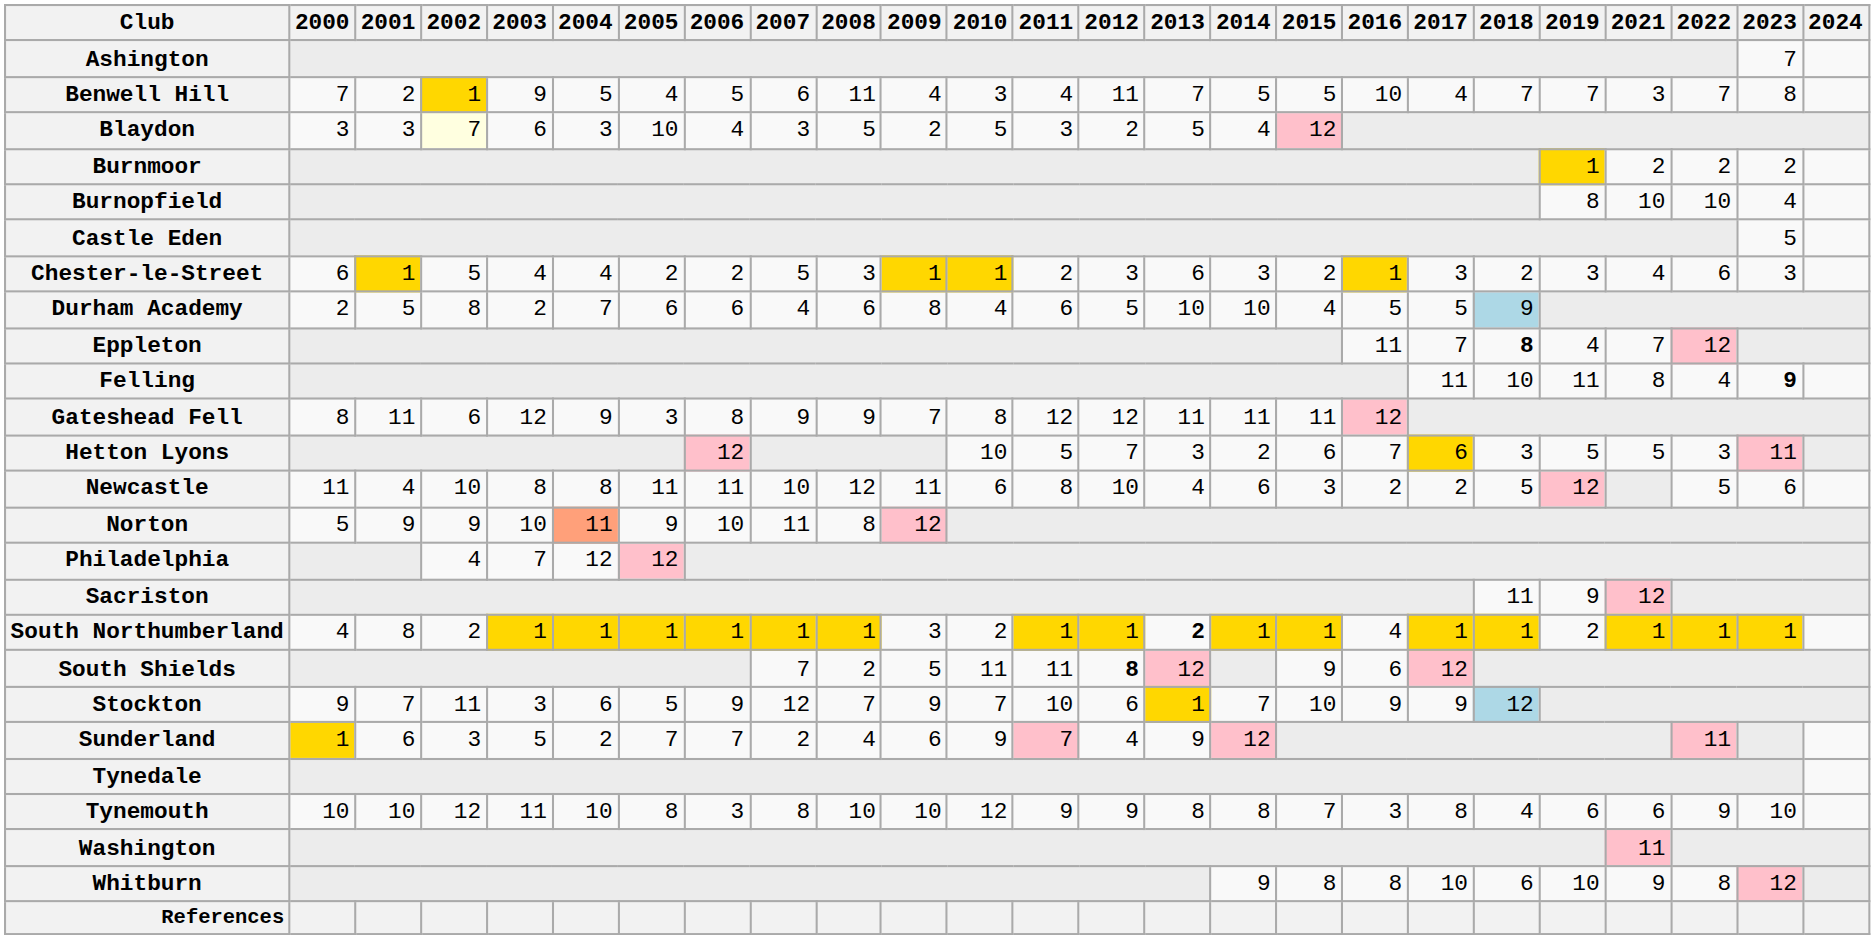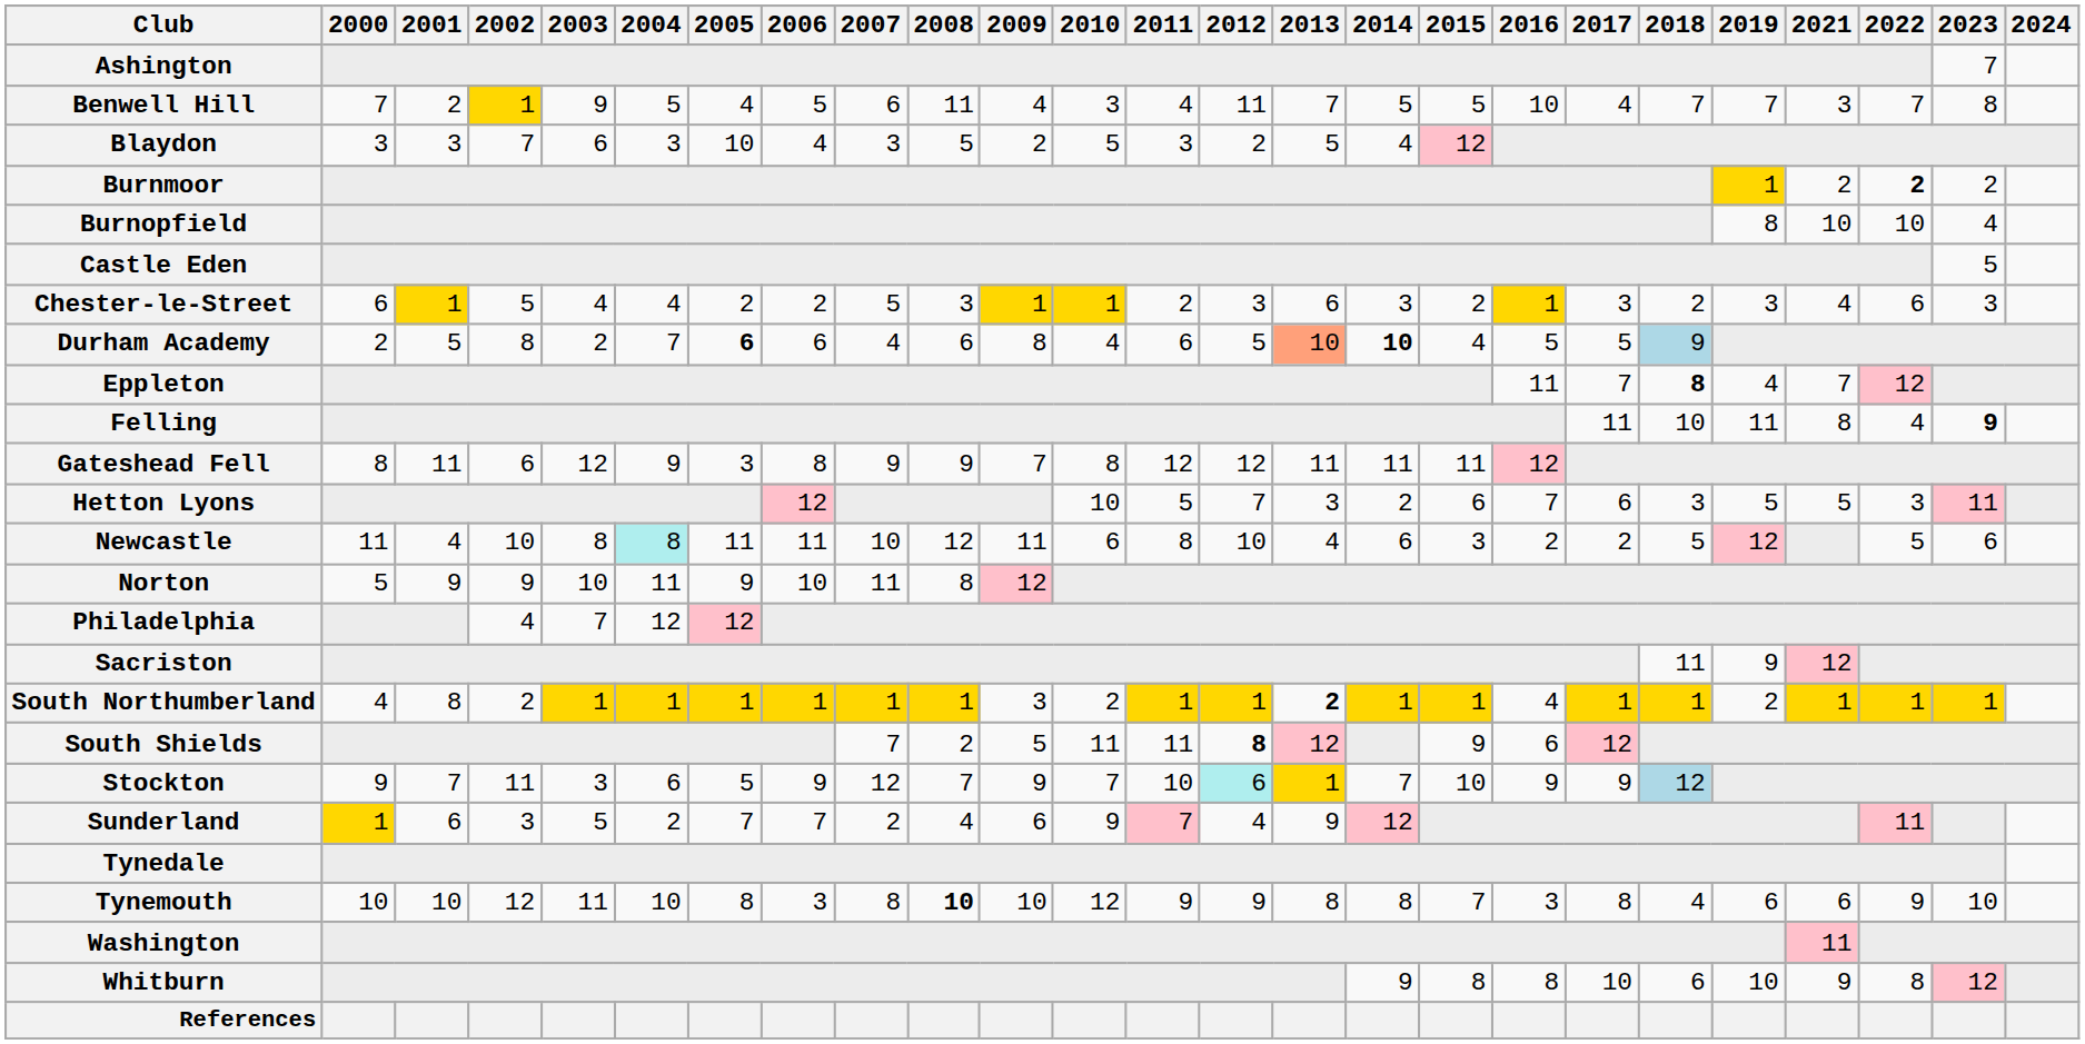 <table class="wikitable plainrowheaders" style="font-size:85%; text-align: right;">
 <tr>
 <th scope="col">Club</th>
 <th scope="col">2000</th>
 <th scope="col">2001</th>
 <th scope="col">2002</th>
 <th scope="col">2003</th>
 <th scope="col">2004</th>
 <th scope="col">2005</th>
 <th scope="col">2006</th>
 <th scope="col">2007</th>
 <th scope="col">2008</th>
 <th scope="col">2009</th>
 <th scope="col">2010</th>
 <th scope="col">2011</th>
 <th scope="col">2012</th>
 <th scope="col">2013</th>
 <th scope="col">2014</th>
 <th scope="col">2015</th>
 <th scope="col">2016</th>
 <th scope="col">2017</th>
 <th scope="col">2018</th>
 <th scope="col">2019</th>
 <th scope="col">2021</th>
 <th scope="col">2022</th>
 <th scope="col">2023</th>
 <th scope="col">2024</th>
 </tr>
 <tr>
 <th scope="row">Ashington</th>
 <td bgcolor="#ececec" colspan="22"></td>
 <td>7</td>
 <td></td>
 </tr>
 <tr>
 <th scope="row">Benwell Hill</th>
 <td>7</td>
 <td>2</td>
 <td bgcolor="gold">1</td>
 <td>9</td>
 <td>5</td>
 <td>4</td>
 <td>5</td>
 <td>6</td>
 <td>11</td>
 <td>4</td>
 <td>3</td>
 <td>4</td>
 <td>11</td>
 <td>7</td>
 <td>5</td>
 <td>5</td>
 <td>10</td>
 <td>4</td>
 <td>7</td>
 <td>7</td>
 <td>3</td>
 <td>7</td>
 <td>8</td>
 <td></td>
 </tr>
 <tr>
 <th scope="row">Blaydon</th>
 <td>3</td>
 <td>3</td>
-<td style="background: lightyellow;">7</td>
+<td>7</td>
 <td>6</td>
 <td>3</td>
 <td>10</td>
 <td>4</td>
 <td>3</td>
 <td>5</td>
 <td>2</td>
 <td>5</td>
 <td>3</td>
 <td>2</td>
 <td>5</td>
 <td>4</td>
 <td bgcolor="pink">12</td>
 <td bgcolor="#ececec" colspan="8"></td>
 </tr>
 <tr>
 <th scope="row">Burnmoor</th>
 <td bgcolor="#ececec" colspan="19"></td>
 <td bgcolor="gold">1</td>
 <td>2</td>
-<td>2</td>
+<td><strong>2</strong></td>
 <td>2</td>
 <td></td>
 </tr>
 <tr>
 <th scope="row">Burnopfield</th>
 <td bgcolor="#ececec" colspan="19"></td>
 <td>8</td>
 <td>10</td>
 <td>10</td>
 <td>4</td>
 <td></td>
 </tr>
 <tr>
 <th scope="row">Castle Eden</th>
 <td bgcolor="#ececec" colspan="22"></td>
 <td>5</td>
 <td></td>
 </tr>
 <tr>
 <th scope="row">Chester-le-Street</th>
 <td>6</td>
 <td bgcolor="gold">1</td>
 <td>5</td>
 <td>4</td>
 <td>4</td>
 <td>2</td>
 <td>2</td>
 <td>5</td>
 <td>3</td>
 <td bgcolor="gold">1</td>
 <td bgcolor="gold">1</td>
 <td>2</td>
 <td>3</td>
 <td>6</td>
 <td>3</td>
 <td>2</td>
 <td bgcolor="gold">1</td>
 <td>3</td>
 <td>2</td>
 <td>3</td>
 <td>4</td>
 <td>6</td>
 <td>3</td>
 <td></td>
 </tr>
 <tr>
 <th scope="row">Durham Academy</th>
 <td>2</td>
 <td>5</td>
 <td>8</td>
 <td>2</td>
 <td>7</td>
-<td>6</td>
+<td><strong>6</strong></td>
 <td>6</td>
 <td>4</td>
 <td>6</td>
 <td>8</td>
 <td>4</td>
 <td>6</td>
 <td>5</td>
-<td>10</td>
-<td>10</td>
+<td style="background: lightsalmon;">10</td>
+<td><strong>10</strong></td>
 <td>4</td>
 <td>5</td>
 <td>5</td>
 <td bgcolor="lightblue">9</td>
 <td bgcolor="#ececec" colspan="5"></td>
 </tr>
 <tr>
 <th scope="row">Eppleton</th>
 <td bgcolor="#ececec" colspan="16"></td>
 <td>11</td>
 <td>7</td>
 <td><strong>8</strong></td>
 <td>4</td>
 <td>7</td>
 <td bgcolor="pink">12</td>
 <td bgcolor="#ececec" colspan="2"></td>
 </tr>
 <tr>
 <th scope="row">Felling</th>
 <td bgcolor="#ececec" colspan="17"></td>
 <td>11</td>
 <td>10</td>
 <td>11</td>
 <td>8</td>
 <td>4</td>
 <td><strong>9</strong></td>
 <td></td>
 </tr>
 <tr>
 <th scope="row">Gateshead Fell</th>
 <td>8</td>
 <td>11</td>
 <td>6</td>
 <td>12</td>
 <td>9</td>
 <td>3</td>
 <td>8</td>
 <td>9</td>
 <td>9</td>
 <td>7</td>
 <td>8</td>
 <td>12</td>
 <td>12</td>
 <td>11</td>
 <td>11</td>
 <td>11</td>
 <td bgcolor="pink">12</td>
 <td bgcolor="#ececec" colspan="7"></td>
 </tr>
 <tr>
 <th scope="row">Hetton Lyons</th>
 <td bgcolor="#ececec" colspan="6"></td>
 <td bgcolor="pink">12</td>
 <td bgcolor="#ececec" colspan="3"></td>
 <td>10</td>
 <td>5</td>
 <td>7</td>
 <td>3</td>
 <td>2</td>
 <td>6</td>
 <td>7</td>
-<td style="background: gold;">6</td>
+<td>6</td>
 <td>3</td>
 <td>5</td>
 <td>5</td>
 <td>3</td>
 <td bgcolor="pink">11</td>
 <td bgcolor="#ececec" colspan="1"></td>
 </tr>
 <tr>
 <th scope="row">Newcastle</th>
 <td>11</td>
 <td>4</td>
 <td>10</td>
 <td>8</td>
-<td>8</td>
+<td style="background: paleturquoise;">8</td>
 <td>11</td>
 <td>11</td>
 <td>10</td>
 <td>12</td>
 <td>11</td>
 <td>6</td>
 <td>8</td>
 <td>10</td>
 <td>4</td>
 <td>6</td>
 <td>3</td>
 <td>2</td>
 <td>2</td>
 <td>5</td>
 <td bgcolor="pink">12</td>
 <td bgcolor="#ececec" colspan="1"></td>
 <td>5</td>
 <td>6</td>
 <td></td>
 </tr>
 <tr>
 <th scope="row">Norton</th>
 <td>5</td>
 <td>9</td>
 <td>9</td>
 <td>10</td>
-<td style="background: lightsalmon;">11</td>
+<td>11</td>
 <td>9</td>
 <td>10</td>
 <td>11</td>
 <td>8</td>
 <td bgcolor="pink">12</td>
 <td bgcolor="#ececec" colspan="14"></td>
 </tr>
 <tr>
 <th scope="row">Philadelphia</th>
 <td bgcolor="#ececec" colspan="2"></td>
 <td>4</td>
 <td>7</td>
 <td>12</td>
 <td bgcolor="pink">12</td>
 <td bgcolor="#ececec" colspan="18"></td>
 </tr>
 <tr>
 <th scope="row">Sacriston</th>
 <td bgcolor="#ececec" colspan="18"></td>
 <td>11</td>
 <td>9</td>
 <td bgcolor="pink">12</td>
 <td bgcolor="#ececec" colspan="3"></td>
 </tr>
 <tr>
 <th scope="row">South Northumberland</th>
 <td>4</td>
 <td>8</td>
 <td>2</td>
 <td bgcolor="gold">1</td>
 <td bgcolor="gold">1</td>
 <td bgcolor="gold">1</td>
 <td bgcolor="gold">1</td>
 <td bgcolor="gold">1</td>
 <td bgcolor="gold">1</td>
 <td>3</td>
 <td>2</td>
 <td bgcolor="gold">1</td>
 <td bgcolor="gold">1</td>
 <td><strong>2</strong></td>
 <td bgcolor="gold">1</td>
 <td bgcolor="gold">1</td>
 <td>4</td>
 <td bgcolor="gold">1</td>
 <td bgcolor="gold">1</td>
 <td>2</td>
 <td bgcolor="gold">1</td>
 <td bgcolor="gold">1</td>
 <td bgcolor="gold">1</td>
 <td></td>
 </tr>
 <tr>
 <th scope="row">South Shields</th>
 <td bgcolor="#ececec" colspan="7"></td>
 <td>7</td>
 <td>2</td>
 <td>5</td>
 <td>11</td>
 <td>11</td>
 <td><strong>8</strong></td>
 <td bgcolor="pink">12</td>
 <td bgcolor="#ececec"></td>
 <td>9</td>
 <td>6</td>
 <td bgcolor="pink">12</td>
 <td bgcolor="#ececec" colspan="6"></td>
 </tr>
 <tr>
 <th scope="row">Stockton</th>
 <td>9</td>
 <td>7</td>
 <td>11</td>
 <td>3</td>
 <td>6</td>
 <td>5</td>
 <td>9</td>
 <td>12</td>
 <td>7</td>
 <td>9</td>
 <td>7</td>
 <td>10</td>
-<td>6</td>
+<td style="background: paleturquoise;">6</td>
 <td bgcolor="gold">1</td>
 <td>7</td>
 <td>10</td>
 <td>9</td>
 <td>9</td>
 <td bgcolor="lightblue">12</td>
 <td bgcolor="#ececec" colspan="5"></td>
 </tr>
 <tr>
 <th scope="row">Sunderland</th>
 <td bgcolor="gold">1</td>
 <td>6</td>
 <td>3</td>
 <td>5</td>
 <td>2</td>
 <td>7</td>
 <td>7</td>
 <td>2</td>
 <td>4</td>
 <td>6</td>
 <td>9</td>
 <td style="background: pink;">7</td>
 <td>4</td>
 <td>9</td>
 <td bgcolor="pink">12</td>
 <td bgcolor="#ececec" colspan="6"></td>
 <td bgcolor="pink">11</td>
 <td bgcolor="#ececec" colspan="1"></td>
 <td></td>
 </tr>
 <tr>
 <th scope="row">Tynedale</th>
 <td bgcolor="#ececec" colspan="23"></td>
 <td></td>
 </tr>
 <tr>
 <th scope="row">Tynemouth</th>
 <td>10</td>
 <td>10</td>
 <td>12</td>
 <td>11</td>
 <td>10</td>
 <td>8</td>
 <td>3</td>
 <td>8</td>
-<td>10</td>
+<td><strong>10</strong></td>
 <td>10</td>
 <td>12</td>
 <td>9</td>
 <td>9</td>
 <td>8</td>
 <td>8</td>
 <td>7</td>
 <td>3</td>
 <td>8</td>
 <td>4</td>
 <td>6</td>
 <td>6</td>
 <td>9</td>
 <td>10</td>
 <td></td>
 </tr>
 <tr>
 <th scope="row">Washington</th>
 <td bgcolor="#ececec" colspan="20"></td>
 <td bgcolor="pink">11</td>
 <td bgcolor="#ececec" colspan="3"></td>
 </tr>
 <tr>
 <th scope="row">Whitburn</th>
 <td bgcolor="#ececec" colspan="14"></td>
 <td>9</td>
 <td>8</td>
 <td>8</td>
 <td>10</td>
 <td>6</td>
 <td>10</td>
 <td>9</td>
 <td>8</td>
 <td bgcolor="pink">12</td>
 <td bgcolor="#ececec" colspan="3"></td>
 </tr>
 <tr style="font-size:90%; text-align:center">
 <th scope="row" style="text-align: right">References</th>
 <th scope="col"></th>
 <th scope="col"></th>
 <th scope="col"></th>
 <th scope="col"></th>
 <th scope="col"></th>
 <th scope="col"></th>
 <th scope="col"></th>
 <th scope="col"></th>
 <th scope="col"></th>
 <th scope="col"></th>
 <th scope="col"></th>
 <th scope="col"></th>
 <th scope="col"></th>
 <th scope="col"></th>
 <th scope="col"></th>
 <th scope="col"></th>
 <th scope="col"></th>
 <th scope="col"></th>
 <th scope="col"></th>
 <th scope="col"></th>
 <th scope="col"></th>
 <th scope="col"></th>
 <th scope="col"></th>
 <th scope="col"></th>
 </tr>
 </table>
